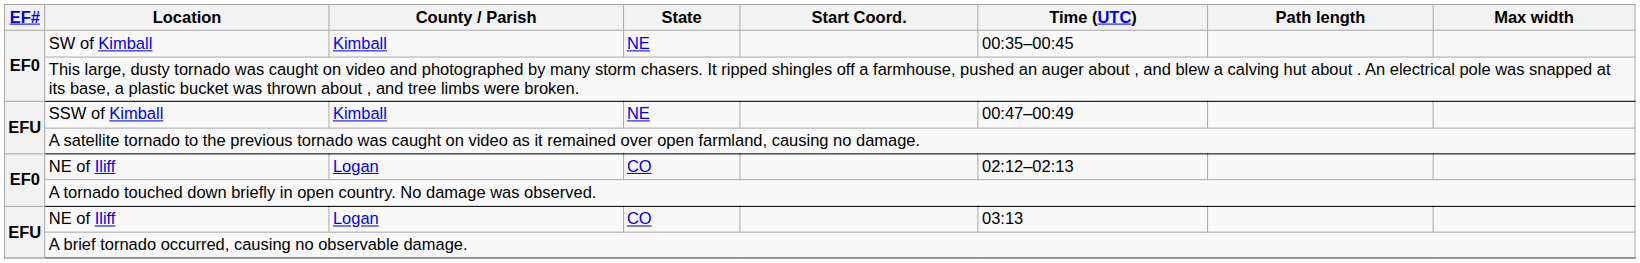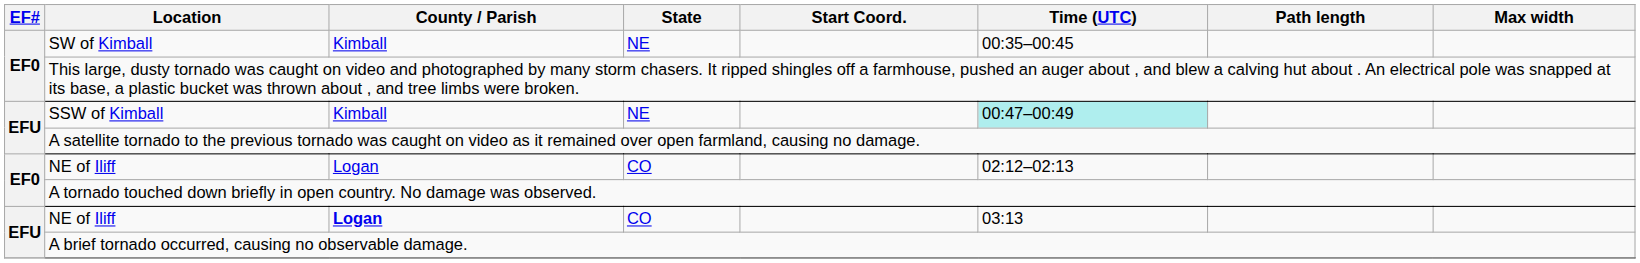 <table class="wikitable sortable" style="width:100%;">
 <tr>
 <th scope="col" width="2%" align="center"><a href='#'>EF#</a></th>
 <th scope="col" align="center" class="unsortable">Location</th>
 <th scope="col" align="center" class="unsortable">County / Parish</th>
 <th scope="col" align="center">State</th>
 <th scope="col" align="center">Start Coord.</th>
 <th scope="col" align="center">Time (<a href='#'>UTC</a>)</th>
 <th scope="col" align="center">Path length</th>
 <th scope="col" align="center">Max width</th>
 </tr>
 <tr>
 <th scope="row" rowspan="2" style="background-color:#">EF0</th>
 <td>SW of <a href='#'>Kimball</a></td>
 <td><a href='#'>Kimball</a></td>
 <td><a href='#'>NE</a></td>
 <td></td>
 <td>00:35–00:45</td>
 <td></td>
 <td></td>
 </tr>
 <tr class="expand-child">
 <td colspan="8" style=" border-bottom: 1px solid black;">This large, dusty tornado was caught on video and photographed by many storm chasers. It ripped shingles off a farmhouse, pushed an auger about , and blew a calving hut about . An electrical pole was snapped at its base, a plastic  bucket was thrown about , and tree limbs were broken.</td>
 </tr>
 <tr>
 <th scope="row" rowspan="2" style="background-color:#">EFU</th>
 <td>SSW of <a href='#'>Kimball</a></td>
 <td><a href='#'>Kimball</a></td>
 <td><a href='#'>NE</a></td>
 <td></td>
-<td>00:47–00:49</td>
+<td style="background: paleturquoise;">00:47–00:49</td>
 <td></td>
 <td></td>
 </tr>
 <tr class="expand-child">
 <td colspan="8" style=" border-bottom: 1px solid black;">A satellite tornado to the previous tornado was caught on video as it remained over open farmland, causing no damage.</td>
 </tr>
 <tr>
 <th scope="row" rowspan="2" style="background-color:#">EF0</th>
 <td>NE of <a href='#'>Iliff</a></td>
 <td><a href='#'>Logan</a></td>
 <td><a href='#'>CO</a></td>
 <td></td>
 <td>02:12–02:13</td>
 <td></td>
 <td></td>
 </tr>
 <tr class="expand-child">
 <td colspan="8" style=" border-bottom: 1px solid black;">A tornado touched down briefly in open country. No damage was observed.</td>
 </tr>
 <tr>
 <th scope="row" rowspan="2" style="background-color:#">EFU</th>
 <td>NE of <a href='#'>Iliff</a></td>
-<td><a href='#'>Logan</a></td>
+<td><strong><a href='#'>Logan</a></strong></td>
 <td><a href='#'>CO</a></td>
 <td></td>
 <td>03:13</td>
 <td></td>
 <td></td>
 </tr>
 <tr class="expand-child">
 <td colspan="8" style=" border-bottom: 1px solid black;">A brief tornado occurred, causing no observable damage.</td>
 </tr>
 <tr>
 </tr>
 </table>
